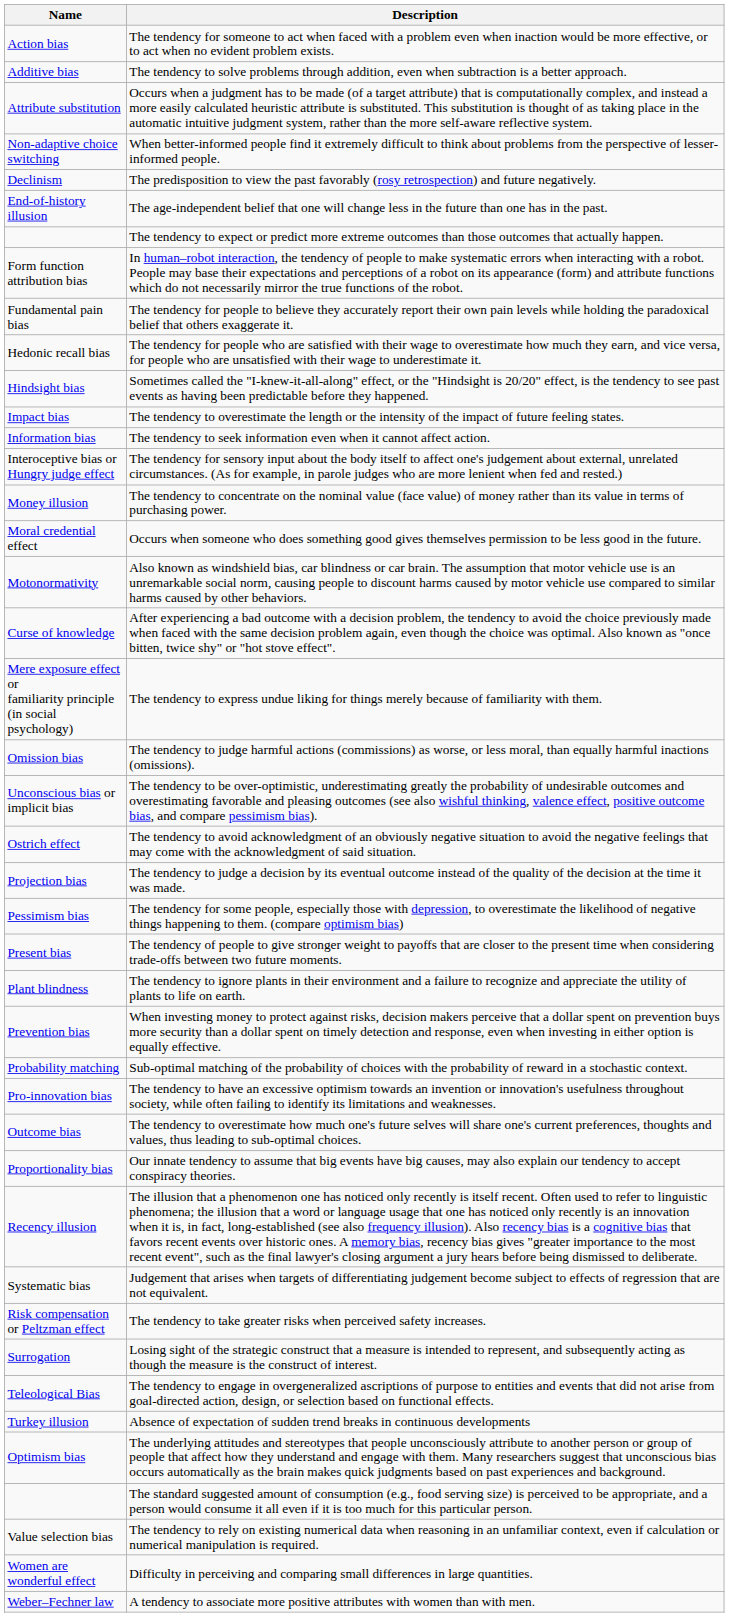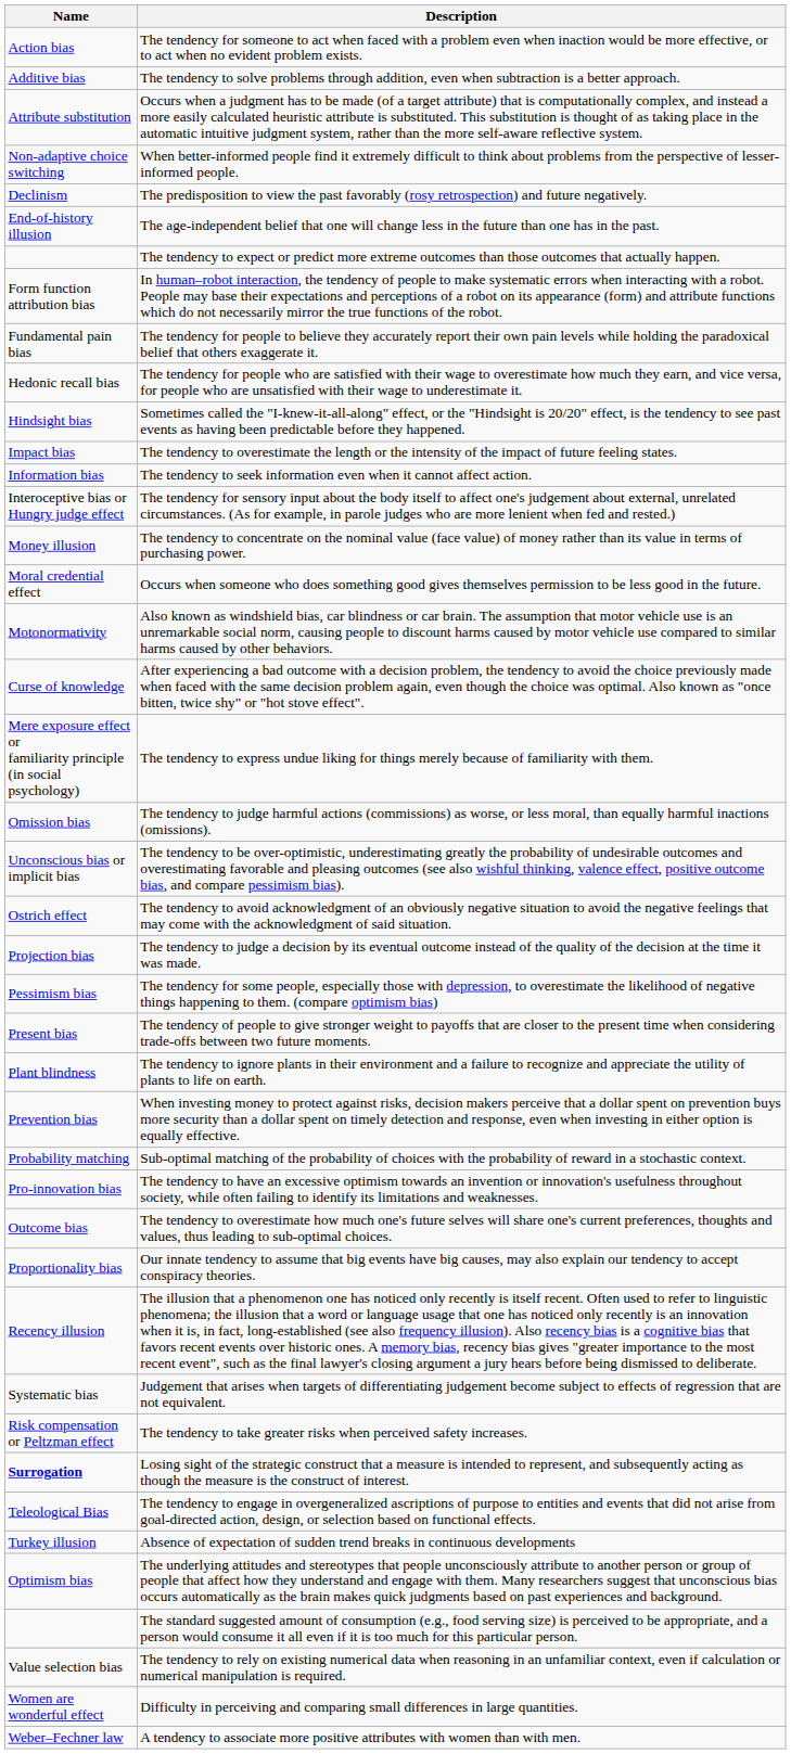 <table class="wikitable sortable">
 <tr>
 <th scope="col">Name</th>
 <th scope="col">Description</th>
 </tr>
 <tr>
 <td><a href='#'>Action bias</a></td>
 <td>The tendency for someone to act when faced with a problem even when inaction would be more effective, or to act when no evident problem exists.</td>
 </tr>
 <tr>
 <td><a href='#'>Additive bias</a></td>
 <td>The tendency to solve problems through addition, even when subtraction is a better approach.</td>
 </tr>
 <tr>
 <td><a href='#'>Attribute substitution</a></td>
 <td>Occurs when a judgment has to be made (of a target attribute) that is computationally complex, and instead a more easily calculated heuristic attribute is substituted. This substitution is thought of as taking place in the automatic intuitive judgment system, rather than the more self-aware reflective system.</td>
 </tr>
 <tr>
 <td><a href='#'>Non-adaptive choice switching</a></td>
 <td>When better-informed people find it extremely difficult to think about problems from the perspective of lesser-informed people.</td>
 </tr>
 <tr>
 <td><a href='#'>Declinism</a></td>
 <td>The predisposition to view the past favorably (<a href='#'>rosy retrospection</a>) and future negatively.</td>
 </tr>
 <tr>
 <td><a href='#'>End-of-history illusion</a></td>
 <td>The age-independent belief that one will change less in the future than one has in the past.</td>
 </tr>
 <tr>
 <td></td>
 <td>The tendency to expect or predict more extreme outcomes than those outcomes that actually happen.</td>
 </tr>
 <tr>
 <td>Form function attribution bias</td>
 <td>In <a href='#'>human–robot interaction</a>, the tendency of people to make systematic errors when interacting with a robot. People may base their expectations and perceptions of a robot on its appearance (form) and attribute functions which do not necessarily mirror the true functions of the robot.</td>
 </tr>
 <tr>
 <td>Fundamental pain bias</td>
 <td>The tendency for people to believe they accurately report their own pain levels while holding the paradoxical belief that others exaggerate it.</td>
 </tr>
 <tr>
 <td>Hedonic recall bias</td>
 <td>The tendency for people who are satisfied with their wage to overestimate how much they earn, and vice versa, for people who are unsatisfied with their wage to underestimate it.</td>
 </tr>
 <tr>
 <td><a href='#'>Hindsight bias</a></td>
 <td>Sometimes called the "I-knew-it-all-along" effect, or the "Hindsight is 20/20" effect, is the tendency to see past events as having been predictable before they happened.</td>
 </tr>
 <tr>
 <td><a href='#'>Impact bias</a></td>
 <td>The tendency to overestimate the length or the intensity of the impact of future feeling states.</td>
 </tr>
 <tr>
 <td><a href='#'>Information bias</a></td>
 <td>The tendency to seek information even when it cannot affect action.</td>
 </tr>
 <tr>
 <td>Interoceptive bias or <a href='#'>Hungry judge effect</a></td>
 <td>The tendency for sensory input about the body itself to affect one's judgement about external, unrelated circumstances. (As for example, in parole judges who are more lenient when fed and rested.)</td>
 </tr>
 <tr>
 <td><a href='#'>Money illusion</a></td>
 <td>The tendency to concentrate on the nominal value (face value) of money rather than its value in terms of purchasing power.</td>
 </tr>
 <tr>
 <td><a href='#'>Moral credential</a> effect</td>
 <td>Occurs when someone who does something good gives themselves permission to be less good in the future.</td>
 </tr>
 <tr>
 <td><a href='#'>Motonormativity</a></td>
 <td>Also known as windshield bias, car blindness or car brain. The assumption that motor vehicle use is an unremarkable social norm, causing people to discount harms caused by motor vehicle use compared to similar harms caused by other behaviors.</td>
 </tr>
 <tr>
 <td><a href='#'>Curse of knowledge</a></td>
 <td>After experiencing a bad outcome with a decision problem, the tendency to avoid the choice previously made when faced with the same decision problem again, even though the choice was optimal. Also known as "once bitten, twice shy" or "hot stove effect".</td>
 </tr>
 <tr>
 <td><a href='#'>Mere exposure effect</a> or <br>familiarity principle (in social psychology)</td>
 <td>The tendency to express undue liking for things merely because of familiarity with them.</td>
 </tr>
 <tr>
 <td><a href='#'>Omission bias</a></td>
 <td>The tendency to judge harmful actions (commissions) as worse, or less moral, than equally harmful inactions (omissions).</td>
 </tr>
 <tr>
 <td><a href='#'>Unconscious bias</a> or implicit bias</td>
 <td>The tendency to be over-optimistic, underestimating greatly the probability of undesirable outcomes and overestimating favorable and pleasing outcomes (see also <a href='#'>wishful thinking</a>, <a href='#'>valence effect</a>, <a href='#'>positive outcome bias</a>, and compare <a href='#'>pessimism bias</a>).</td>
 </tr>
 <tr>
 <td><a href='#'>Ostrich effect</a></td>
 <td>The tendency to avoid acknowledgment of an obviously negative situation to avoid the negative feelings that may come with the acknowledgment of said situation.</td>
 </tr>
 <tr>
 <td><a href='#'>Projection bias</a></td>
 <td>The tendency to judge a decision by its eventual outcome instead of the quality of the decision at the time it was made.</td>
 </tr>
 <tr>
 <td><a href='#'>Pessimism bias</a></td>
 <td>The tendency for some people, especially those with <a href='#'>depression</a>, to overestimate the likelihood of negative things happening to them. (compare <a href='#'>optimism bias</a>)</td>
 </tr>
 <tr>
 <td><a href='#'>Present bias</a></td>
 <td>The tendency of people to give stronger weight to payoffs that are closer to the present time when considering trade-offs between two future moments.</td>
 </tr>
 <tr>
 <td><a href='#'>Plant blindness</a></td>
 <td>The tendency to ignore plants in their environment and a failure to recognize and appreciate the utility of plants to life on earth.</td>
 </tr>
 <tr>
 <td><a href='#'>Prevention bias</a></td>
 <td>When investing money to protect against risks, decision makers perceive that a dollar spent on prevention buys more security than a dollar spent on timely detection and response, even when investing in either option is equally effective.</td>
 </tr>
 <tr>
 <td><a href='#'>Probability matching</a></td>
 <td>Sub-optimal matching of the probability of choices with the probability of reward in a stochastic context.</td>
 </tr>
 <tr>
 <td><a href='#'>Pro-innovation bias</a></td>
 <td>The tendency to have an excessive optimism towards an invention or innovation's usefulness throughout society, while often failing to identify its limitations and weaknesses.</td>
 </tr>
 <tr>
 <td><a href='#'>Outcome bias</a></td>
 <td>The tendency to overestimate how much one's future selves will share one's current preferences, thoughts and values, thus leading to sub-optimal choices.</td>
 </tr>
 <tr>
 <td><a href='#'>Proportionality bias</a></td>
 <td>Our innate tendency to assume that big events have big causes, may also explain our tendency to accept conspiracy theories.</td>
 </tr>
 <tr>
 <td><a href='#'>Recency illusion</a></td>
 <td>The illusion that a phenomenon one has noticed only recently is itself recent. Often used to refer to linguistic phenomena; the illusion that a word or language usage that one has noticed only recently is an innovation when it is, in fact, long-established (see also <a href='#'>frequency illusion</a>). Also <a href='#'>recency bias</a> is a <a href='#'>cognitive bias</a> that favors recent events over historic ones.  A <a href='#'>memory bias</a>, recency bias gives "greater importance to the most recent event", such as the final lawyer's closing argument a jury hears before being dismissed to deliberate.</td>
 </tr>
 <tr>
 <td>Systematic bias</td>
 <td>Judgement that arises when targets of differentiating judgement become subject to effects of regression that are not equivalent.</td>
 </tr>
 <tr>
 <td><a href='#'>Risk compensation</a> or <a href='#'>Peltzman effect</a></td>
 <td>The tendency to take greater risks when perceived safety increases.</td>
 </tr>
 <tr>
-<td><a href='#'>Surrogation</a></td>
+<td><strong><a href='#'>Surrogation</a></strong></td>
 <td>Losing sight of the strategic construct that a measure is intended to represent, and subsequently acting as though the measure is the construct of interest.</td>
 </tr>
 <tr>
 <td><a href='#'>Teleological Bias</a></td>
 <td>The tendency to engage in overgeneralized ascriptions of purpose to entities and events that did not arise from goal-directed action, design, or selection based on functional effects.</td>
 </tr>
 <tr>
 <td><a href='#'>Turkey illusion</a></td>
 <td>Absence of expectation of sudden trend breaks in continuous developments</td>
 </tr>
 <tr>
 <td><a href='#'>Optimism bias</a></td>
 <td>The underlying attitudes and stereotypes that people unconsciously attribute to another person or group of people that affect how they understand and engage with them. Many researchers suggest that unconscious bias occurs automatically as the brain makes quick judgments based on past experiences and background.</td>
 </tr>
 <tr>
 <td></td>
 <td>The standard suggested amount of consumption (e.g., food serving size) is perceived to be appropriate, and a person would consume it all even if it is too much for this particular person.</td>
 </tr>
 <tr>
 <td>Value selection bias</td>
 <td>The tendency to rely on existing numerical data when reasoning in an unfamiliar context, even if calculation or numerical manipulation is required.</td>
 </tr>
 <tr>
 <td><a href='#'>Women are wonderful effect</a></td>
 <td>Difficulty in perceiving and comparing small differences in large quantities.</td>
 </tr>
 <tr>
 <td><a href='#'>Weber–Fechner law</a></td>
 <td>A tendency to associate more positive attributes with women than with men.</td>
 </tr>
 </table>
